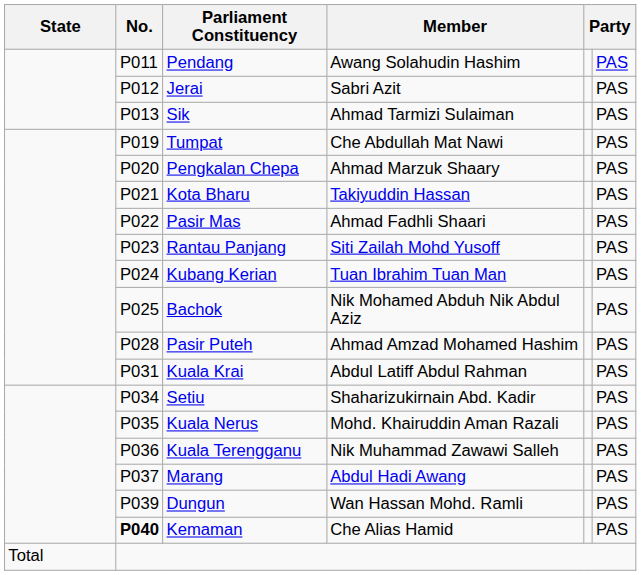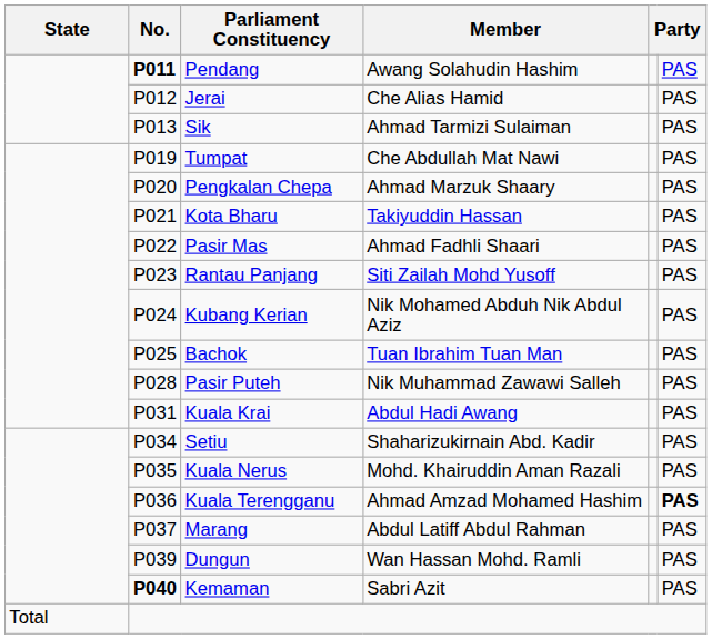 <table class ="wikitable sortable">
 <tr>
 <th style="width:100px;">State</th>
 <th style="width:30px;">No.</th>
 <th style="width:150px;">Parliament Constituency</th>
 <th style="width:240px;">Member</th>
 <th style="width:80px;" colspan=2>Party</th>
 </tr>
 <tr>
 <td rowspan=3></td>
-<td>P011</td>
+<td><strong>P011</strong></td>
 <td><a href='#'>Pendang</a></td>
 <td>Awang Solahudin Hashim</td>
 <td></td>
 <td><a href='#'>PAS</a></td>
 </tr>
 <tr>
 <td>P012</td>
 <td><a href='#'>Jerai</a></td>
-<td>Sabri Azit</td>
+<td>Che Alias Hamid</td>
 <td></td>
 <td>PAS</td>
 </tr>
 <tr>
 <td>P013</td>
 <td><a href='#'>Sik</a></td>
 <td>Ahmad Tarmizi Sulaiman</td>
 <td></td>
 <td>PAS</td>
 </tr>
 <tr>
 <td rowspan=9></td>
 <td>P019</td>
 <td><a href='#'>Tumpat</a></td>
 <td>Che Abdullah Mat Nawi</td>
 <td></td>
 <td>PAS</td>
 </tr>
 <tr>
 <td>P020</td>
 <td><a href='#'>Pengkalan Chepa</a></td>
 <td>Ahmad Marzuk Shaary</td>
 <td></td>
 <td>PAS</td>
 </tr>
 <tr>
 <td>P021</td>
 <td><a href='#'>Kota Bharu</a></td>
 <td><a href='#'>Takiyuddin Hassan</a></td>
 <td></td>
 <td>PAS</td>
 </tr>
 <tr>
 <td>P022</td>
 <td><a href='#'>Pasir Mas</a></td>
 <td>Ahmad Fadhli Shaari</td>
 <td></td>
 <td>PAS</td>
 </tr>
 <tr>
 <td>P023</td>
 <td><a href='#'>Rantau Panjang</a></td>
 <td><a href='#'>Siti Zailah Mohd Yusoff</a></td>
 <td></td>
 <td>PAS</td>
 </tr>
 <tr>
 <td>P024</td>
 <td><a href='#'>Kubang Kerian</a></td>
-<td><a href='#'>Tuan Ibrahim Tuan Man</a></td>
+<td>Nik Mohamed Abduh Nik Abdul Aziz</td>
 <td></td>
 <td>PAS</td>
 </tr>
 <tr>
 <td>P025</td>
 <td><a href='#'>Bachok</a></td>
-<td>Nik Mohamed Abduh Nik Abdul Aziz</td>
+<td><a href='#'>Tuan Ibrahim Tuan Man</a></td>
 <td></td>
 <td>PAS</td>
 </tr>
 <tr>
 <td>P028</td>
 <td><a href='#'>Pasir Puteh</a></td>
-<td>Ahmad Amzad Mohamed Hashim</td>
+<td>Nik Muhammad Zawawi Salleh</td>
 <td></td>
 <td>PAS</td>
 </tr>
 <tr>
 <td>P031</td>
 <td><a href='#'>Kuala Krai</a></td>
-<td>Abdul Latiff Abdul Rahman</td>
+<td><a href='#'>Abdul Hadi Awang</a></td>
 <td></td>
 <td>PAS</td>
 </tr>
 <tr>
 <td rowspan=6></td>
 <td>P034</td>
 <td><a href='#'>Setiu</a></td>
 <td>Shaharizukirnain Abd. Kadir</td>
 <td></td>
 <td>PAS</td>
 </tr>
 <tr>
 <td>P035</td>
 <td><a href='#'>Kuala Nerus</a></td>
 <td>Mohd. Khairuddin Aman Razali</td>
 <td></td>
 <td>PAS</td>
 </tr>
 <tr>
 <td>P036</td>
 <td><a href='#'>Kuala Terengganu</a></td>
-<td>Nik Muhammad Zawawi Salleh</td>
+<td>Ahmad Amzad Mohamed Hashim</td>
 <td></td>
-<td>PAS</td>
+<td><strong>PAS</strong></td>
 </tr>
 <tr>
 <td>P037</td>
 <td><a href='#'>Marang</a></td>
-<td><a href='#'>Abdul Hadi Awang</a></td>
+<td>Abdul Latiff Abdul Rahman</td>
 <td></td>
 <td>PAS</td>
 </tr>
 <tr>
 <td>P039</td>
 <td><a href='#'>Dungun</a></td>
 <td>Wan Hassan Mohd. Ramli</td>
 <td></td>
 <td>PAS</td>
 </tr>
 <tr>
 <td><strong>P040</strong></td>
 <td><a href='#'>Kemaman</a></td>
-<td>Che Alias Hamid</td>
+<td>Sabri Azit</td>
 <td></td>
 <td>PAS</td>
 </tr>
 <tr>
 <td>Total</td>
 <td style="width:30px;" colspan=6></td>
 </tr>
 </table>
